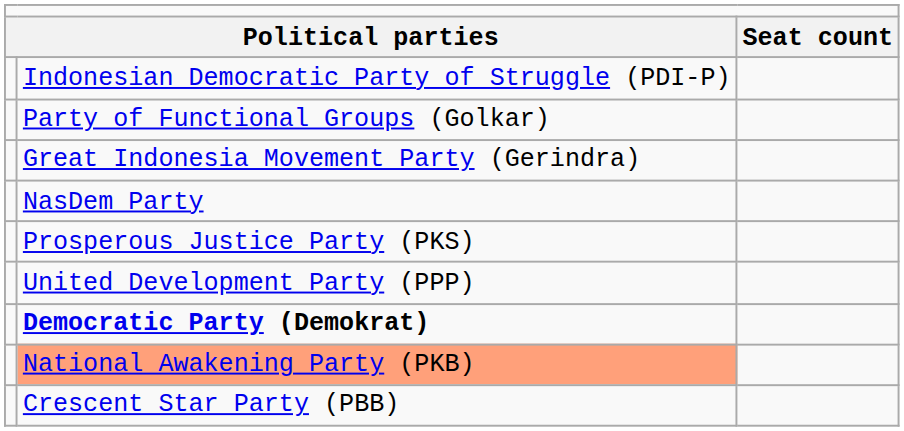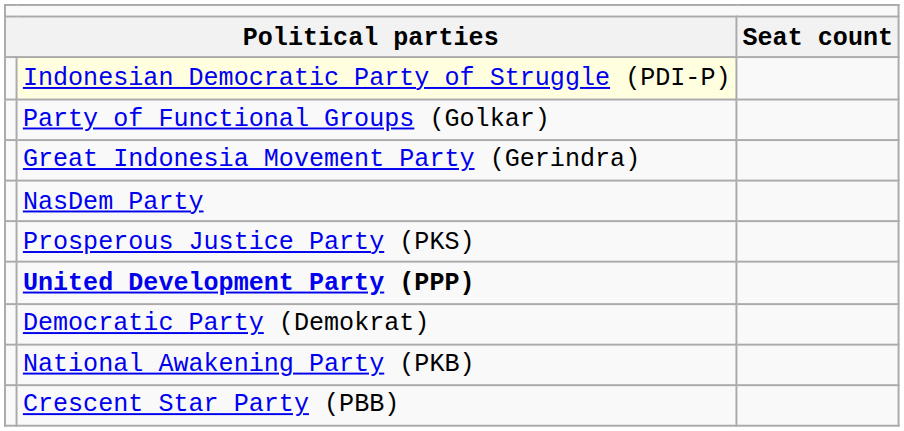 <table class="wikitable">
 <tr>
 <td colspan="4"></td>
 </tr>
 <tr>
 <th colspan="2">Political parties</th>
 <th>Seat count</th>
 </tr>
 <tr>
 <td bgcolor=></td>
-<td><a href='#'>Indonesian Democratic Party of Struggle</a> (PDI-P)</td>
+<td style="background: lightyellow;"><a href='#'>Indonesian Democratic Party of Struggle</a> (PDI-P)</td>
 <td></td>
 </tr>
 <tr>
 <td bgcolor=></td>
 <td><a href='#'>Party of Functional Groups</a> (Golkar)</td>
 <td></td>
 </tr>
 <tr>
 <td bgcolor=></td>
 <td><a href='#'>Great Indonesia Movement Party</a> (Gerindra)</td>
 <td></td>
 </tr>
 <tr>
 <td bgcolor=></td>
 <td><a href='#'>NasDem Party</a></td>
 <td></td>
 </tr>
 <tr>
 <td bgcolor=></td>
 <td><a href='#'>Prosperous Justice Party</a> (PKS)</td>
 <td></td>
 </tr>
 <tr>
 <td bgcolor=></td>
-<td><a href='#'>United Development Party</a> (PPP)</td>
+<td><strong><a href='#'>United Development Party</a> (PPP)</strong></td>
 <td></td>
 </tr>
 <tr>
 <td bgcolor=></td>
-<td><strong><a href='#'>Democratic Party</a> (Demokrat)</strong></td>
+<td><a href='#'>Democratic Party</a> (Demokrat)</td>
 <td></td>
 </tr>
 <tr>
 <td bgcolor=></td>
-<td style="background: lightsalmon;"><a href='#'>National Awakening Party</a> (PKB)</td>
+<td><a href='#'>National Awakening Party</a> (PKB)</td>
 <td></td>
 </tr>
 <tr>
 <td bgcolor=></td>
 <td><a href='#'>Crescent Star Party</a> (PBB)</td>
 <td></td>
 </tr>
 </table>
